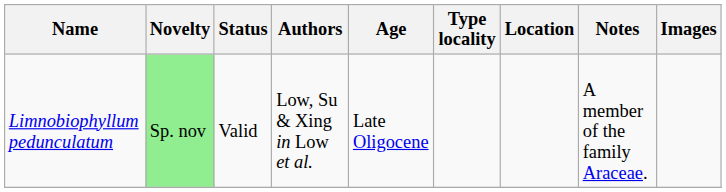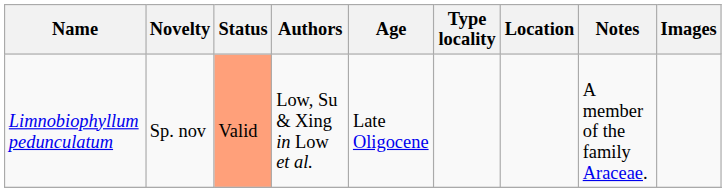 <table class="wikitable sortable" align="center" width="100%">
 <tr>
 <th>Name</th>
 <th>Novelty</th>
 <th>Status</th>
 <th>Authors</th>
 <th>Age</th>
 <th>Type locality</th>
 <th>Location</th>
 <th>Notes</th>
 <th>Images</th>
 </tr>
 <tr>
 <td><br><em><a href='#'>Limnobiophyllum pedunculatum</a></em></td>
-<td style="background: lightgreen;"><br>Sp. nov</td>
-<td><br>Valid</td>
+<td><br>Sp. nov</td>
+<td style="background: lightsalmon;"><br>Valid</td>
 <td><br>Low, Su & Xing <em>in</em> Low <em>et al.</em></td>
 <td><br>Late <a href='#'>Oligocene</a></td>
 <td></td>
 <td><br></td>
 <td><br>A member of the family <a href='#'>Araceae</a>.</td>
 <td></td>
 </tr>
 <tr>
 </tr>
 </table>
